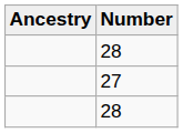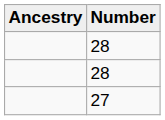 <table style="float: center;" class="wikitable">
 <tr>
 <th style="background:#efefef;">Ancestry</th>
 <th style="background:#efefef;">Number</th>
 </tr>
 <tr>
 <td></td>
 <td>28</td>
 </tr>
 <tr>
 <td></td>
-<td>27</td>
+<td>28</td>
 </tr>
 <tr>
 <td></td>
-<td>28</td>
+<td>27</td>
 </tr>
 </table>
